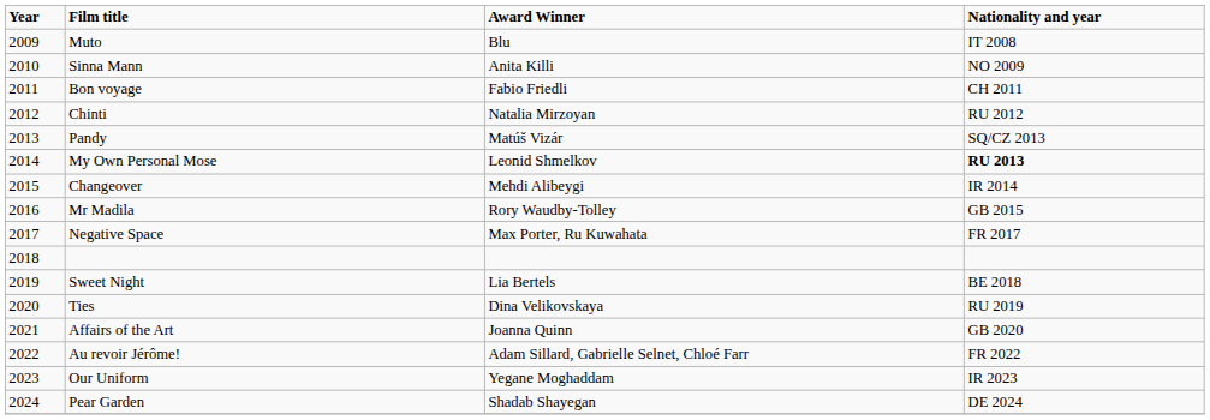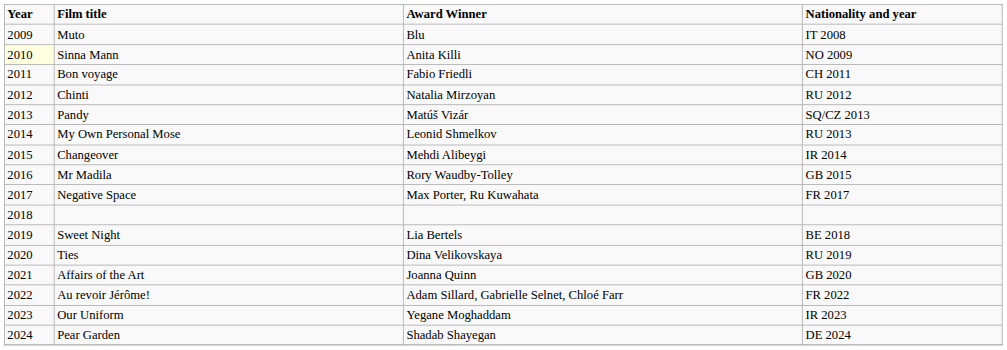 <table class="wikitable" width="100%">
 <tr>
 <td width="5%"><strong>Year</strong></td>
 <td width="35%"><strong>Film title</strong></td>
 <td width="40%"><strong>Award Winner</strong></td>
 <td width="20%"><strong>Nationality and year</strong></td>
 </tr>
 <tr>
 <td>2009</td>
 <td>Muto</td>
 <td>Blu</td>
 <td>IT 2008</td>
 </tr>
 <tr>
-<td>2010</td>
+<td style="background: lightyellow;">2010</td>
 <td>Sinna Mann</td>
 <td>Anita Killi</td>
 <td>NO 2009</td>
 </tr>
 <tr>
 <td>2011</td>
 <td>Bon voyage</td>
 <td>Fabio Friedli</td>
 <td>CH 2011</td>
 </tr>
 <tr>
 <td>2012</td>
 <td>Chinti</td>
 <td>Natalia Mirzoyan</td>
 <td>RU 2012</td>
 </tr>
 <tr>
 <td>2013</td>
 <td>Pandy</td>
 <td>Matúš Vizár</td>
 <td>SQ/CZ 2013</td>
 </tr>
 <tr>
 <td>2014</td>
 <td>My Own Personal Mose </td>
 <td>Leonid Shmelkov </td>
-<td><strong>RU 2013</strong></td>
+<td>RU 2013</td>
 </tr>
 <tr>
 <td>2015</td>
 <td>Changeover </td>
 <td>Mehdi Alibeygi </td>
 <td>IR 2014</td>
 </tr>
 <tr>
 <td>2016</td>
 <td>Mr Madila </td>
 <td>Rory Waudby-Tolley </td>
 <td>GB 2015</td>
 </tr>
 <tr>
 <td>2017</td>
 <td>Negative Space </td>
 <td>Max Porter, Ru Kuwahata </td>
 <td>FR 2017</td>
 </tr>
 <tr>
 <td>2018</td>
 <td></td>
 <td></td>
 <td></td>
 </tr>
 <tr>
 <td>2019</td>
 <td>Sweet Night </td>
 <td>Lia Bertels </td>
 <td>BE 2018</td>
 </tr>
 <tr>
 <td>2020</td>
 <td>Ties </td>
 <td>Dina Velikovskaya </td>
 <td>RU 2019</td>
 </tr>
 <tr>
 <td>2021</td>
 <td>Affairs of the Art </td>
 <td>Joanna Quinn </td>
 <td>GB 2020</td>
 </tr>
 <tr>
 <td>2022</td>
 <td>Au revoir Jérôme! </td>
 <td>Adam Sillard, Gabrielle Selnet, Chloé Farr </td>
 <td>FR 2022</td>
 </tr>
 <tr>
 <td>2023</td>
 <td>Our Uniform </td>
 <td>Yegane Moghaddam </td>
 <td>IR 2023</td>
 </tr>
 <tr>
 <td>2024</td>
 <td>Pear Garden </td>
 <td>Shadab Shayegan </td>
 <td>DE 2024</td>
 </tr>
 <tr>
 </tr>
 </table>
